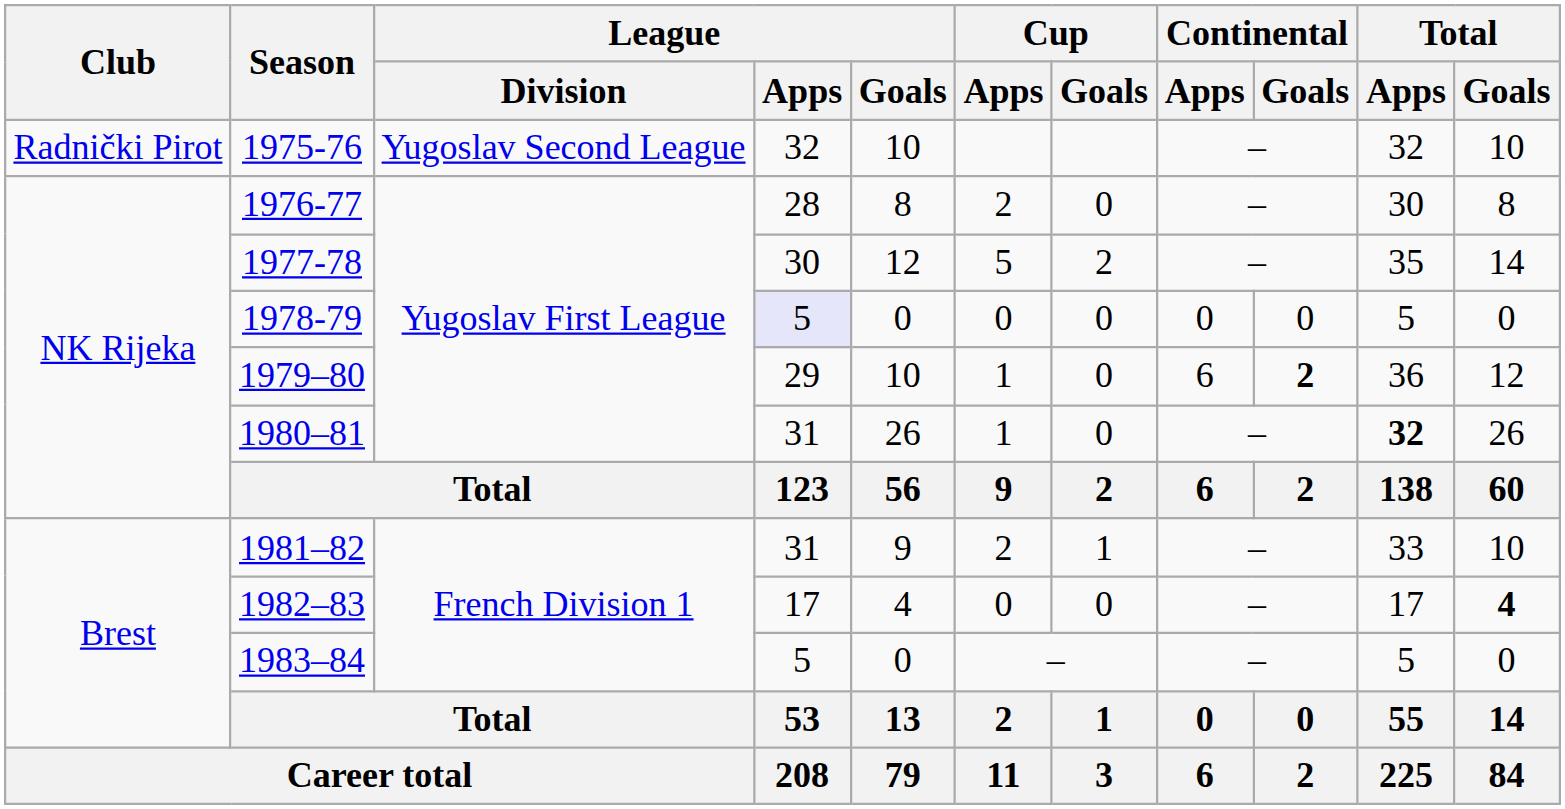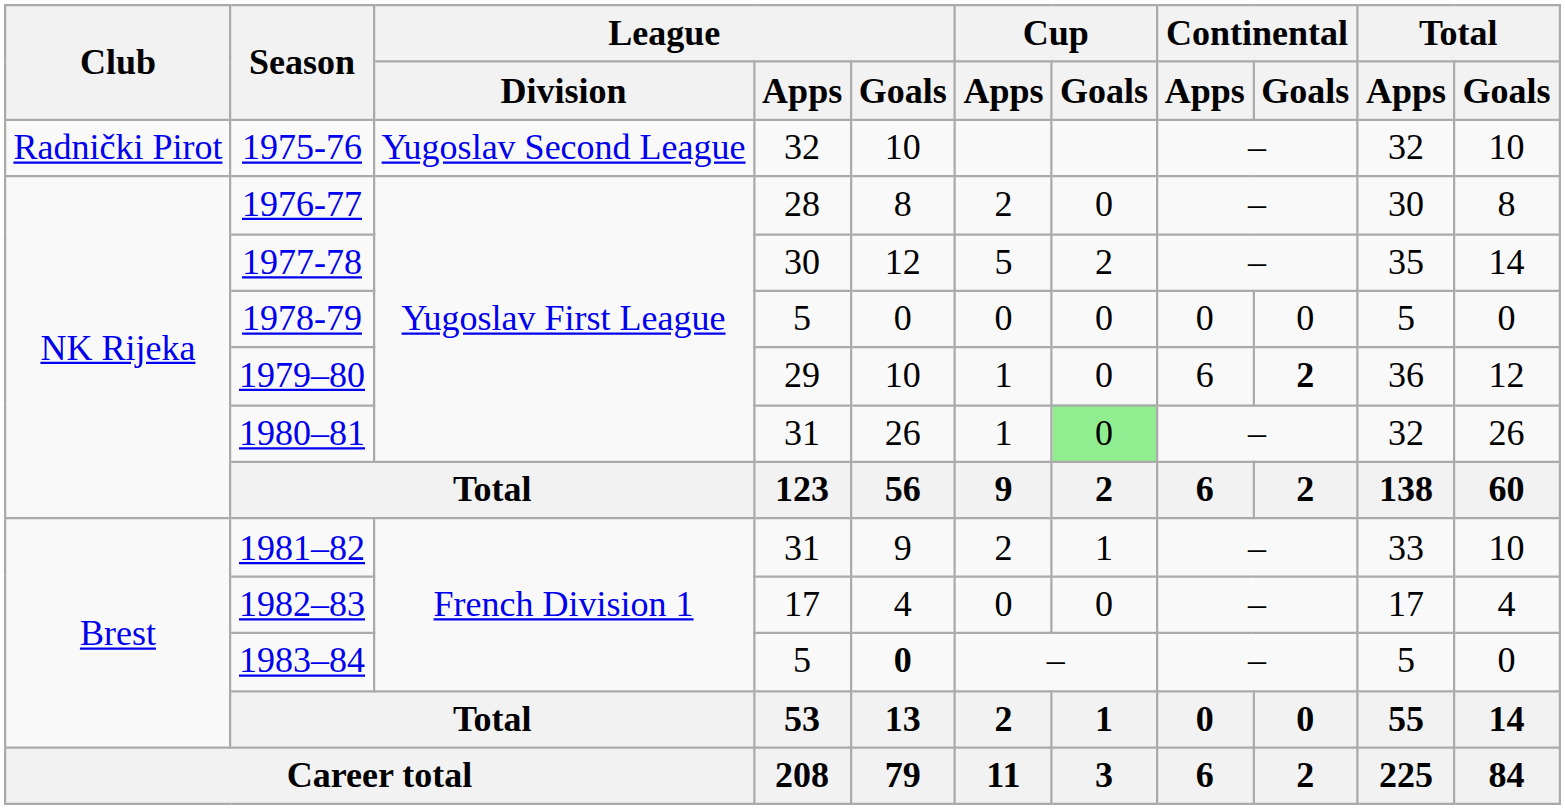 <table class="wikitable" style="text-align:center">
 <tr>
 <th rowspan="2">Club</th>
 <th rowspan="2">Season</th>
 <th colspan="3">League</th>
 <th colspan="2">Cup</th>
 <th colspan="2">Continental</th>
 <th colspan="2">Total</th>
 </tr>
 <tr>
 <th>Division</th>
 <th>Apps</th>
 <th>Goals</th>
 <th>Apps</th>
 <th>Goals</th>
 <th>Apps</th>
 <th>Goals</th>
 <th>Apps</th>
 <th>Goals</th>
 </tr>
 <tr>
 <td><a href='#'>Radnički Pirot</a></td>
 <td><a href='#'>1975-76</a></td>
 <td><a href='#'>Yugoslav Second League</a></td>
 <td>32</td>
 <td>10</td>
 <td></td>
 <td></td>
 <td colspan="2">–</td>
 <td>32</td>
 <td>10</td>
 </tr>
 <tr>
 <td rowspan="6"><a href='#'>NK Rijeka</a></td>
 <td><a href='#'>1976-77</a></td>
 <td rowspan="5"><a href='#'>Yugoslav First League</a></td>
 <td>28</td>
 <td>8</td>
 <td>2</td>
 <td>0</td>
 <td colspan="2">–</td>
 <td>30</td>
 <td>8</td>
 </tr>
 <tr>
 <td><a href='#'>1977-78</a></td>
 <td>30</td>
 <td>12</td>
 <td>5</td>
 <td>2</td>
 <td colspan="2">–</td>
 <td>35</td>
 <td>14</td>
 </tr>
 <tr>
 <td><a href='#'>1978-79</a></td>
-<td style="background: lavender;">5</td>
+<td>5</td>
 <td>0</td>
 <td>0</td>
 <td>0</td>
 <td>0</td>
 <td>0</td>
 <td>5</td>
 <td>0</td>
 </tr>
 <tr>
 <td><a href='#'>1979–80</a></td>
 <td>29</td>
 <td>10</td>
 <td>1</td>
 <td>0</td>
 <td>6</td>
 <td><strong>2</strong></td>
 <td>36</td>
 <td>12</td>
 </tr>
 <tr>
 <td><a href='#'>1980–81</a></td>
 <td>31</td>
 <td>26</td>
 <td>1</td>
-<td>0</td>
+<td style="background: lightgreen;">0</td>
 <td colspan="2">–</td>
-<td><strong>32</strong></td>
+<td>32</td>
 <td>26</td>
 </tr>
 <tr>
 <th colspan="2">Total</th>
 <th>123</th>
 <th>56</th>
 <th>9</th>
 <th>2</th>
 <th>6</th>
 <th>2</th>
 <th>138</th>
 <th>60</th>
 </tr>
 <tr>
 <td rowspan="4"><a href='#'>Brest</a></td>
 <td><a href='#'>1981–82</a></td>
 <td rowspan="3"><a href='#'>French Division 1</a></td>
 <td>31</td>
 <td>9</td>
 <td>2</td>
 <td>1</td>
 <td colspan="2">–</td>
 <td>33</td>
 <td>10</td>
 </tr>
 <tr>
 <td><a href='#'>1982–83</a></td>
 <td>17</td>
 <td>4</td>
 <td>0</td>
 <td>0</td>
 <td colspan="2">–</td>
 <td>17</td>
-<td><strong>4</strong></td>
+<td>4</td>
 </tr>
 <tr>
 <td><a href='#'>1983–84</a></td>
 <td>5</td>
-<td>0</td>
+<td><strong>0</strong></td>
 <td colspan="2">–</td>
 <td colspan="2">–</td>
 <td>5</td>
 <td>0</td>
 </tr>
 <tr>
 <th colspan="2">Total</th>
 <th>53</th>
 <th>13</th>
 <th>2</th>
 <th>1</th>
 <th>0</th>
 <th>0</th>
 <th>55</th>
 <th>14</th>
 </tr>
 <tr>
 <th colspan="3">Career total</th>
 <th>208</th>
 <th>79</th>
 <th>11</th>
 <th>3</th>
 <th>6</th>
 <th>2</th>
 <th>225</th>
 <th>84</th>
 </tr>
 </table>
